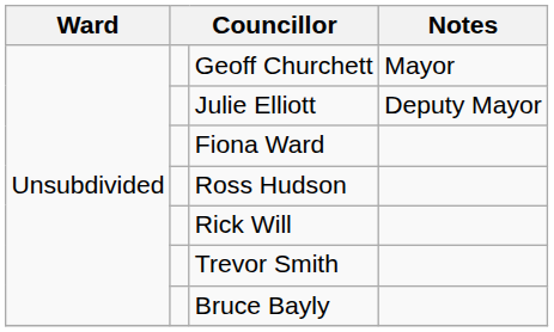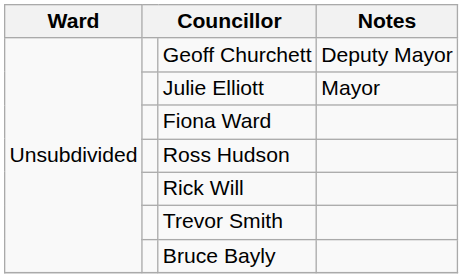 <table class="wikitable">
 <tr>
 <th>Ward</th>
 <th colspan="2">Councillor</th>
 <th>Notes</th>
 </tr>
 <tr>
 <td rowspan="7">Unsubdivided </td>
 <td> </td>
 <td>Geoff Churchett</td>
-<td>Mayor</td>
+<td>Deputy Mayor</td>
 </tr>
 <tr>
 <td> </td>
 <td>Julie Elliott</td>
-<td>Deputy Mayor</td>
+<td>Mayor</td>
 </tr>
 <tr>
 <td> </td>
 <td>Fiona Ward</td>
 <td></td>
 </tr>
 <tr>
 <td> </td>
 <td>Ross Hudson</td>
 <td></td>
 </tr>
 <tr>
 <td> </td>
 <td>Rick Will</td>
 <td></td>
 </tr>
 <tr>
 <td> </td>
 <td>Trevor Smith</td>
 <td></td>
 </tr>
 <tr>
 <td> </td>
 <td>Bruce Bayly</td>
 <td></td>
 </tr>
 <tr>
 </tr>
 </table>
